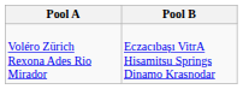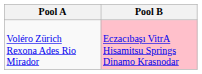 <table class="wikitable" width=50%>
 <tr>
 <th width=50%>Pool A</th>
 <th width=50%>Pool B</th>
 </tr>
 <tr>
 <td><br> <a href='#'>Voléro Zürich</a><br>  <a href='#'>Rexona Ades Rio</a><br>  <a href='#'>Mirador</a><br></td>
-<td><br> <a href='#'>Eczacıbaşı VitrA</a><br>  <a href='#'>Hisamitsu Springs</a><br>  <a href='#'>Dinamo Krasnodar</a><br></td>
+<td style="background: pink;"><br> <a href='#'>Eczacıbaşı VitrA</a><br>  <a href='#'>Hisamitsu Springs</a><br>  <a href='#'>Dinamo Krasnodar</a><br></td>
 </tr>
 </table>
